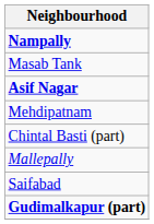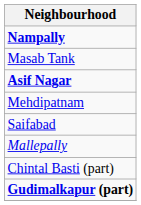 <table class="wikitable sortable static-row-numbers static-row-header-hash">
 <tr>
 <th>Neighbourhood</th>
 </tr>
 <tr>
 <td><strong><a href='#'>Nampally</a></strong></td>
 </tr>
 <tr>
 <td><a href='#'>Masab Tank</a></td>
 </tr>
 <tr>
 <td><strong><a href='#'>Asif Nagar</a></strong></td>
 </tr>
 <tr>
 <td><a href='#'>Mehdipatnam</a></td>
 </tr>
 <tr>
-<td><a href='#'>Chintal Basti</a> (part)</td>
+<td><a href='#'>Saifabad</a></td>
 </tr>
 <tr>
 <td><em><a href='#'>Mallepally</a></em></td>
 </tr>
 <tr>
-<td><a href='#'>Saifabad</a></td>
+<td><a href='#'>Chintal Basti</a> (part)</td>
 </tr>
 <tr>
 <td><strong><a href='#'>Gudimalkapur</a> (part)</strong></td>
 </tr>
 <tr>
 </tr>
 </table>
